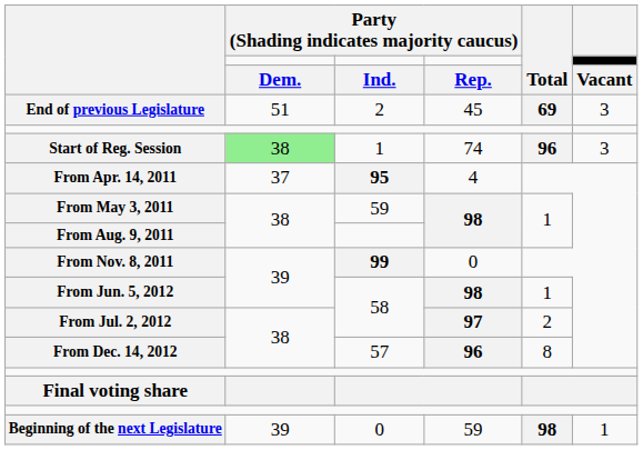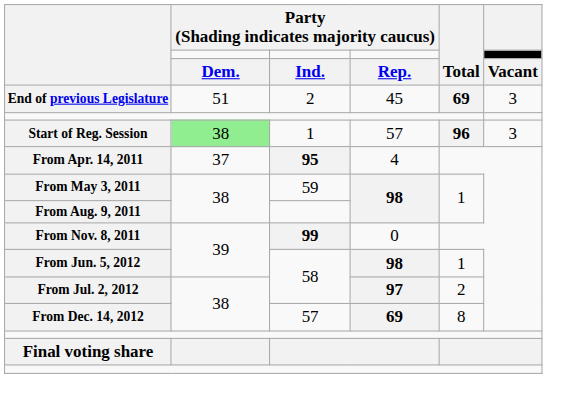 <table class=wikitable style="text-align:center">
 <tr style="vertical-align:bottom;">
 <th rowspan=3></th>
 <th colspan=3>Party <div>(Shading indicates majority caucus)</div></th>
 <th rowspan=3>Total</th>
 <th></th>
 </tr>
 <tr style="height:5px">
 <td style="background-color:"></td>
 <td style="background-color:"></td>
 <td style="background-color:"></td>
 <td style="background-color:black"></td>
 </tr>
 <tr>
 <th><a href='#'>Dem.</a></th>
 <th><a href='#'>Ind.</a></th>
 <th><a href='#'>Rep.</a></th>
 <th>Vacant</th>
 </tr>
 <tr>
 <th nowrap style="font-size:80%">End of <a href='#'>previous Legislature</a></th>
 <td>51</td>
 <td>2</td>
 <td>45</td>
 <th>69</th>
 <td>3</td>
 </tr>
 <tr>
 <td colspan=5></td>
 </tr>
 <tr>
 <th nowrap style="font-size:80%">Start of Reg. Session</th>
 <td style="background: lightgreen;">38</td>
 <td>1</td>
-<td>74</td>
+<td>57</td>
 <th>96</th>
 <td>3</td>
 </tr>
 <tr>
 <th nowrap style="font-size:80%">From Apr. 14, 2011</th>
 <td>37</td>
 <th>95</th>
 <td>4</td>
 </tr>
 <tr>
 <th nowrap style="font-size:80%">From May 3, 2011</th>
 <td rowspan=2>38</td>
 <td>59</td>
 <th rowspan=2>98</th>
 <td rowspan=2>1</td>
 </tr>
 <tr>
 <th nowrap style="font-size:80%">From Aug. 9, 2011</th>
 </tr>
 <tr>
 <th nowrap style="font-size:80%">From Nov. 8, 2011</th>
 <td rowspan=2>39</td>
 <th>99</th>
 <td>0</td>
 </tr>
 <tr>
 <th nowrap style="font-size:80%">From Jun. 5, 2012</th>
 <td rowspan="2" >58</td>
 <th>98</th>
 <td>1</td>
 </tr>
 <tr>
 <th nowrap style="font-size:80%">From Jul. 2, 2012</th>
 <td rowspan="2">38</td>
 <th>97</th>
 <td>2</td>
 </tr>
 <tr>
 <th nowrap style="font-size:80%">From Dec. 14, 2012</th>
 <td>57</td>
-<th>96</th>
+<th>69</th>
 <td>8</td>
 </tr>
 <tr>
 <td colspan=6></td>
 </tr>
 <tr>
 <th>Final voting share</th>
 <th></th>
 <th colspan=2 ></th>
 <th colspan=2></th>
 </tr>
 <tr>
 <td colspan=6></td>
 </tr>
-<tr>
-<th style="white-space:nowrap; font-size:80%;">Beginning of the <a href='#'>next Legislature</a></th>
-<td>39</td>
-<td>0</td>
-<td>59</td>
-<th>98</th>
-<td>1</td>
-</tr>
 </table>
